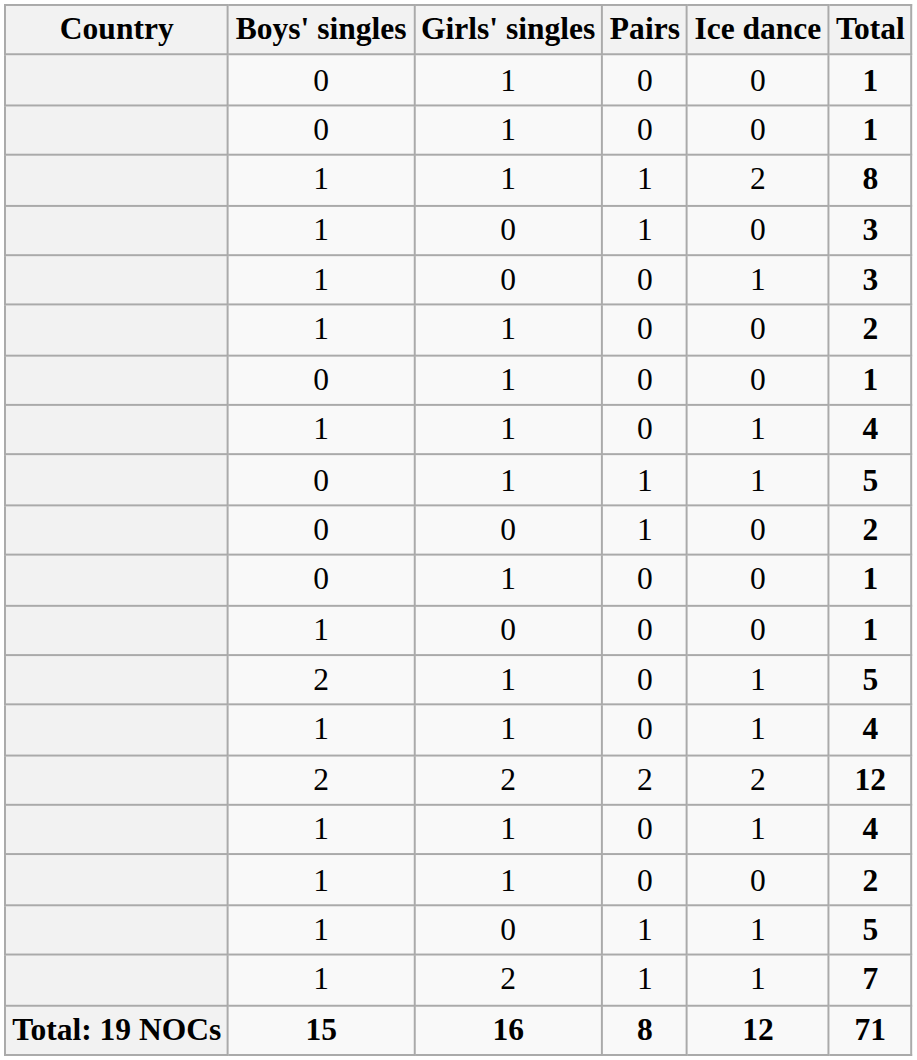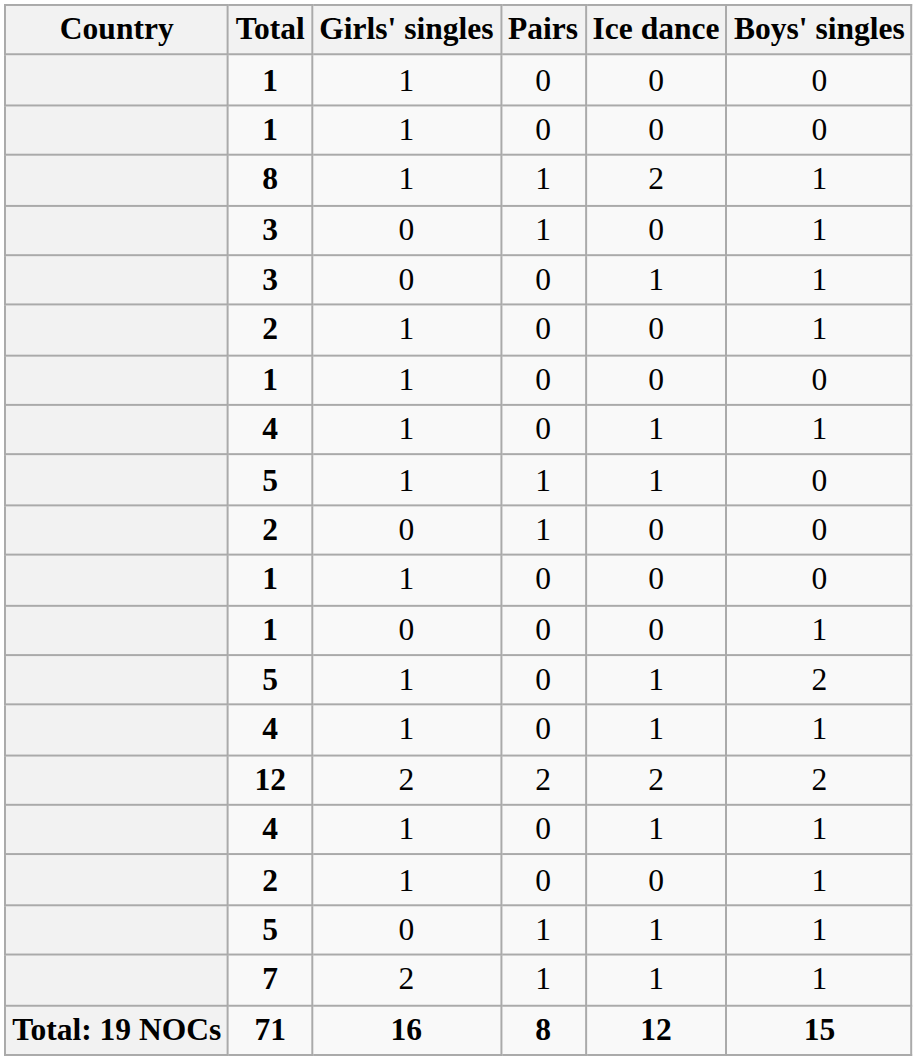 <table class="wikitable sortable" style="text-align:center">
 <tr>
 <th scope="col">Country</th>
-<th scope="col">Boys' singles</th>
+<th scope="col">Total</th>
 <th scope="col">Girls' singles</th>
 <th scope="col">Pairs</th>
 <th scope="col">Ice dance</th>
-<th scope="col">Total</th>
+<th scope="col">Boys' singles</th>
 </tr>
 <tr>
 <th scope="row" style="text-align:left"></th>
+<td><strong>1</strong></td>
+<td>1</td>
+<td>0</td>
+<td>0</td>
+<td>0</td>
+</tr>
+<tr>
+<th scope="row" style="text-align:left"></th>
+<td><strong>1</strong></td>
+<td>1</td>
+<td>0</td>
+<td>0</td>
+<td>0</td>
+</tr>
+<tr>
+<th scope="row" style="text-align:left"></th>
+<td><strong>8</strong></td>
+<td>1</td>
+<td>1</td>
+<td>2</td>
+<td>1</td>
+</tr>
+<tr>
+<th scope="row" style="text-align:left"></th>
+<td><strong>3</strong></td>
+<td>0</td>
+<td>1</td>
+<td>0</td>
+<td>1</td>
+</tr>
+<tr>
+<th scope="row" style="text-align:left"></th>
+<td><strong>3</strong></td>
+<td>0</td>
+<td>0</td>
+<td>1</td>
+<td>1</td>
+</tr>
+<tr>
+<th scope="row" style="text-align:left"></th>
+<td><strong>2</strong></td>
+<td>1</td>
+<td>0</td>
+<td>0</td>
+<td>1</td>
+</tr>
+<tr>
+<th scope="row" style="text-align:left"></th>
+<td><strong>1</strong></td>
+<td>1</td>
+<td>0</td>
+<td>0</td>
+<td>0</td>
+</tr>
+<tr>
+<th scope="row" style="text-align:left"></th>
+<td><strong>4</strong></td>
+<td>1</td>
+<td>0</td>
+<td>1</td>
+<td>1</td>
+</tr>
+<tr>
+<th scope="row" style="text-align:left"></th>
+<td><strong>5</strong></td>
+<td>1</td>
+<td>1</td>
+<td>1</td>
+<td>0</td>
+</tr>
+<tr>
+<th scope="row" style="text-align:left"></th>
+<td><strong>2</strong></td>
 <td>0</td>
 <td>1</td>
 <td>0</td>
 <td>0</td>
-<td><strong>1</strong></td>
 </tr>
 <tr>
 <th scope="row" style="text-align:left"></th>
-<td>0</td>
+<td><strong>1</strong></td>
 <td>1</td>
 <td>0</td>
 <td>0</td>
-<td><strong>1</strong></td>
+<td>0</td>
 </tr>
 <tr>
 <th scope="row" style="text-align:left"></th>
+<td><strong>1</strong></td>
+<td>0</td>
+<td>0</td>
+<td>0</td>
 <td>1</td>
-<td>1</td>
-<td>1</td>
-<td>2</td>
-<td><strong>8</strong></td>
 </tr>
 <tr>
 <th scope="row" style="text-align:left"></th>
+<td><strong>5</strong></td>
 <td>1</td>
 <td>0</td>
 <td>1</td>
-<td>0</td>
-<td><strong>3</strong></td>
+<td>2</td>
 </tr>
 <tr>
 <th scope="row" style="text-align:left"></th>
+<td><strong>4</strong></td>
+<td>1</td>
+<td>0</td>
+<td>1</td>
+<td>1</td>
+</tr>
+<tr>
+<th scope="row" style="text-align:left"></th>
+<td><strong>12</strong></td>
+<td>2</td>
+<td>2</td>
+<td>2</td>
+<td>2</td>
+</tr>
+<tr>
+<th scope="row" style="text-align:left"></th>
+<td><strong>4</strong></td>
+<td>1</td>
+<td>0</td>
+<td>1</td>
+<td>1</td>
+</tr>
+<tr>
+<th scope="row" style="text-align:left"></th>
+<td><strong>2</strong></td>
 <td>1</td>
 <td>0</td>
 <td>0</td>
 <td>1</td>
-<td><strong>3</strong></td>
 </tr>
 <tr>
 <th scope="row" style="text-align:left"></th>
-<td>1</td>
-<td>1</td>
-<td>0</td>
-<td>0</td>
-<td><strong>2</strong></td>
-</tr>
-<tr>
-<th scope="row" style="text-align:left"></th>
-<td>0</td>
-<td>1</td>
-<td>0</td>
-<td>0</td>
-<td><strong>1</strong></td>
-</tr>
-<tr>
-<th scope="row" style="text-align:left"></th>
-<td>1</td>
-<td>1</td>
-<td>0</td>
-<td>1</td>
-<td><strong>4</strong></td>
-</tr>
-<tr>
-<th scope="row" style="text-align:left"></th>
+<td><strong>5</strong></td>
 <td>0</td>
 <td>1</td>
 <td>1</td>
 <td>1</td>
-<td><strong>5</strong></td>
 </tr>
 <tr>
 <th scope="row" style="text-align:left"></th>
-<td>0</td>
-<td>0</td>
-<td>1</td>
-<td>0</td>
-<td><strong>2</strong></td>
-</tr>
-<tr>
-<th scope="row" style="text-align:left"></th>
-<td>0</td>
-<td>1</td>
-<td>0</td>
-<td>0</td>
-<td><strong>1</strong></td>
-</tr>
-<tr>
-<th scope="row" style="text-align:left"></th>
-<td>1</td>
-<td>0</td>
-<td>0</td>
-<td>0</td>
-<td><strong>1</strong></td>
-</tr>
-<tr>
-<th scope="row" style="text-align:left"></th>
-<td>2</td>
-<td>1</td>
-<td>0</td>
-<td>1</td>
-<td><strong>5</strong></td>
-</tr>
-<tr>
-<th scope="row" style="text-align:left"></th>
-<td>1</td>
-<td>1</td>
-<td>0</td>
-<td>1</td>
-<td><strong>4</strong></td>
-</tr>
-<tr>
-<th scope="row" style="text-align:left"></th>
-<td>2</td>
-<td>2</td>
-<td>2</td>
-<td>2</td>
-<td><strong>12</strong></td>
-</tr>
-<tr>
-<th scope="row" style="text-align:left"></th>
-<td>1</td>
-<td>1</td>
-<td>0</td>
-<td>1</td>
-<td><strong>4</strong></td>
-</tr>
-<tr>
-<th scope="row" style="text-align:left"></th>
-<td>1</td>
-<td>1</td>
-<td>0</td>
-<td>0</td>
-<td><strong>2</strong></td>
-</tr>
-<tr>
-<th scope="row" style="text-align:left"></th>
-<td>1</td>
-<td>0</td>
-<td>1</td>
-<td>1</td>
-<td><strong>5</strong></td>
-</tr>
-<tr>
-<th scope="row" style="text-align:left"></th>
-<td>1</td>
+<td><strong>7</strong></td>
 <td>2</td>
 <td>1</td>
 <td>1</td>
-<td><strong>7</strong></td>
+<td>1</td>
 </tr>
 <tr class="sortbottom">
 <th scope="row" style="text-align:left">Total: 19 NOCs</th>
-<td><strong>15</strong></td>
+<td><strong>71</strong></td>
 <td><strong>16</strong></td>
 <td><strong>8</strong></td>
 <td><strong>12</strong></td>
-<td><strong>71</strong></td>
+<td><strong>15</strong></td>
 </tr>
 </table>
